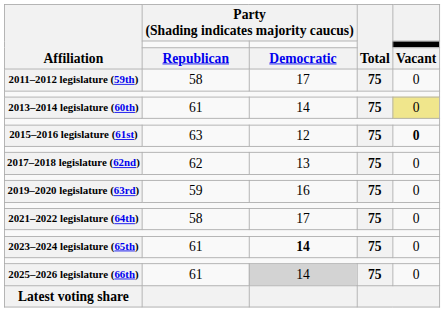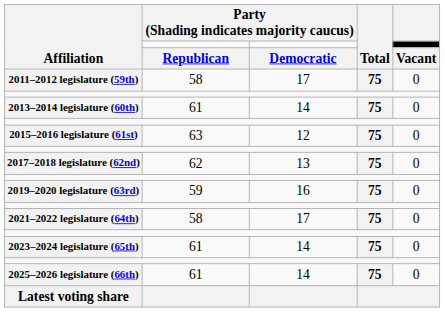 <table class=wikitable style="text-align:center">
 <tr style="vertical-align:bottom;">
 <th rowspan=3>Affiliation</th>
 <th colspan=2>Party <div>(Shading indicates majority caucus)</div></th>
 <th rowspan=3>Total</th>
 <th></th>
 </tr>
 <tr style="height:5px">
 <td style="background-color:"></td>
 <td style="background-color:"></td>
 <td style="background-color:black"></td>
 </tr>
 <tr>
 <th><a href='#'>Republican</a></th>
 <th><a href='#'>Democratic</a></th>
 <th>Vacant</th>
 </tr>
 <tr>
 <th style="font-size:80%" nowrap="nowrap">2011–2012 legislature (<a href='#'>59th</a>)</th>
 <td>58</td>
 <td>17</td>
 <th>75</th>
 <td>0</td>
 </tr>
 <tr>
 <td colspan=5></td>
 </tr>
 <tr>
 <th style="font-size:80%" nowrap="nowrap">2013–2014 legislature (<a href='#'>60th</a>)</th>
 <td>61</td>
 <td>14</td>
 <th>75</th>
-<td style="background: khaki;">0</td>
+<td>0</td>
 </tr>
 <tr>
 <td colspan=5></td>
 </tr>
 <tr>
 <th style="font-size:80%" nowrap="nowrap">2015–2016 legislature (<a href='#'>61st</a>)</th>
 <td>63</td>
 <td>12</td>
 <th>75</th>
-<td><strong>0</strong></td>
+<td>0</td>
 </tr>
 <tr>
 <td colspan=5></td>
 </tr>
 <tr>
 <th style="font-size:80%" nowrap="nowrap">2017–2018 legislature (<a href='#'>62nd</a>)</th>
 <td>62</td>
 <td>13</td>
 <th>75</th>
 <td>0</td>
 </tr>
 <tr>
 <td colspan=5></td>
 </tr>
 <tr>
 <th style="font-size:80%" nowrap="nowrap">2019–2020 legislature (<a href='#'>63rd</a>)</th>
 <td>59</td>
 <td>16</td>
 <th>75</th>
 <td>0</td>
 </tr>
 <tr>
 <td colspan="5"></td>
 </tr>
 <tr>
 <th style="font-size:80%" nowrap="nowrap">2021–2022 legislature (<a href='#'>64th</a>)</th>
 <td>58</td>
 <td>17</td>
 <th>75</th>
 <td>0</td>
 </tr>
 <tr>
 <td colspan="5"></td>
 </tr>
 <tr>
 <th style="font-size:80%" nowrap="nowrap">2023–2024 legislature (<a href='#'>65th</a>)</th>
 <td>61</td>
-<td><strong>14</strong></td>
+<td>14</td>
 <th>75</th>
 <td>0</td>
 </tr>
 <tr>
 <td colspan="5"></td>
 </tr>
 <tr>
 <th style="font-size:80%" nowrap="nowrap">2025–2026 legislature (<a href='#'>66th</a>)</th>
 <td>61</td>
-<td style="background: lightgrey;">14</td>
+<td>14</td>
 <th>75</th>
 <td>0</td>
 </tr>
 <tr>
 <th>Latest voting share</th>
 <th></th>
 <th></th>
 <th colspan=2></th>
 </tr>
 </table>
